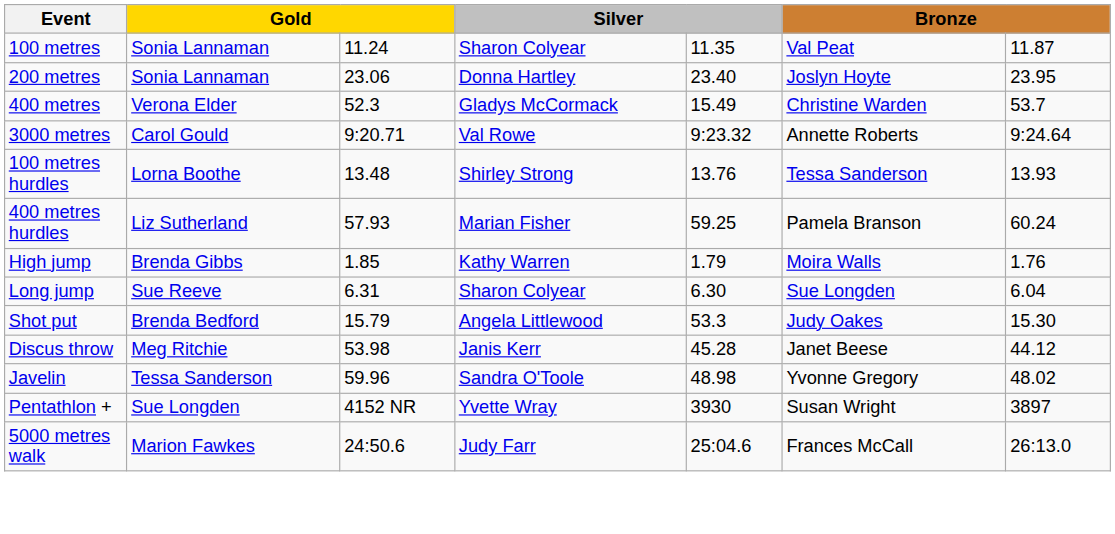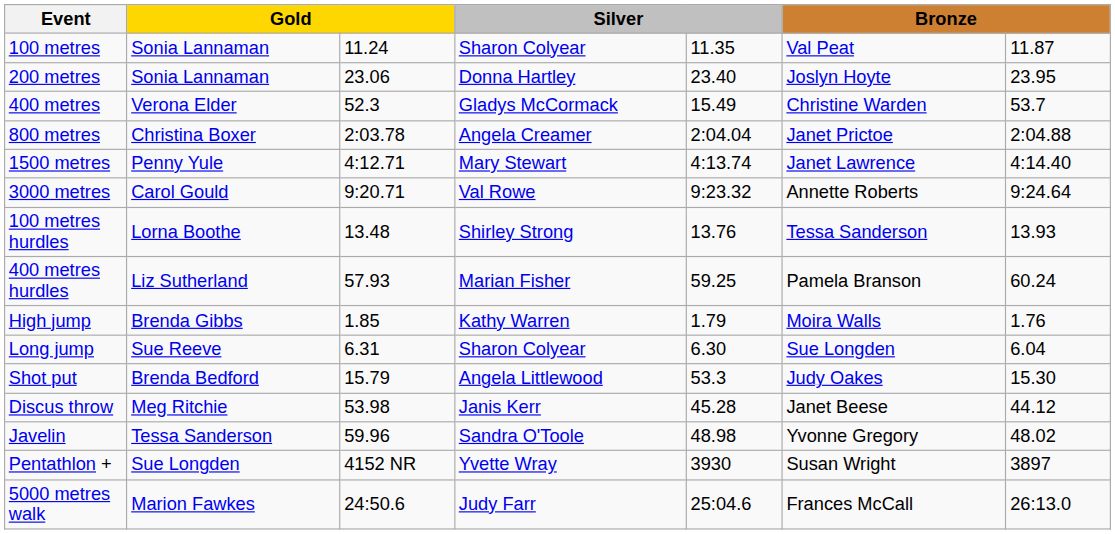 <table class="wikitable" style="text-align:left">
 <tr>
 <th width=100>Event</th>
 <th colspan="2" width="280" style="background:gold;">Gold</th>
 <th colspan="2" width="280" style="background:silver;">Silver</th>
 <th colspan="2" width="280" style="background:#CD7F32;">Bronze</th>
 </tr>
 <tr>
 <td><a href='#'>100 metres</a></td>
 <td><a href='#'>Sonia Lannaman</a></td>
 <td>11.24</td>
 <td><a href='#'>Sharon Colyear</a></td>
 <td>11.35</td>
 <td><a href='#'>Val Peat</a></td>
 <td>11.87</td>
 </tr>
 <tr>
 <td><a href='#'>200 metres</a></td>
 <td><a href='#'>Sonia Lannaman</a></td>
 <td>23.06</td>
 <td><a href='#'>Donna Hartley</a></td>
 <td>23.40</td>
 <td><a href='#'>Joslyn Hoyte</a></td>
 <td>23.95</td>
 </tr>
 <tr>
 <td><a href='#'>400 metres</a></td>
 <td><a href='#'>Verona Elder</a></td>
 <td>52.3</td>
 <td><a href='#'>Gladys McCormack</a></td>
 <td>15.49</td>
 <td><a href='#'>Christine Warden</a></td>
 <td>53.7</td>
+</tr>
+<tr>
+<td><a href='#'>800 metres</a></td>
+<td><a href='#'>Christina Boxer</a></td>
+<td>2:03.78</td>
+<td><a href='#'>Angela Creamer</a></td>
+<td>2:04.04</td>
+<td><a href='#'>Janet Prictoe</a></td>
+<td>2:04.88</td>
+</tr>
+<tr>
+<td><a href='#'>1500 metres</a></td>
+<td><a href='#'>Penny Yule</a></td>
+<td>4:12.71</td>
+<td><a href='#'>Mary Stewart</a></td>
+<td>4:13.74</td>
+<td><a href='#'>Janet Lawrence</a></td>
+<td>4:14.40</td>
 </tr>
 <tr>
 <td><a href='#'>3000 metres</a></td>
 <td><a href='#'>Carol Gould</a></td>
 <td>9:20.71</td>
 <td><a href='#'>Val Rowe</a></td>
 <td>9:23.32</td>
 <td>Annette Roberts</td>
 <td>9:24.64</td>
 </tr>
 <tr>
 <td><a href='#'>100 metres hurdles</a></td>
 <td><a href='#'>Lorna Boothe</a></td>
 <td>13.48</td>
 <td><a href='#'>Shirley Strong</a></td>
 <td>13.76</td>
 <td><a href='#'>Tessa Sanderson</a></td>
 <td>13.93</td>
 </tr>
 <tr>
 <td><a href='#'>400 metres hurdles</a></td>
 <td> <a href='#'>Liz Sutherland</a></td>
 <td>57.93</td>
 <td> <a href='#'>Marian Fisher</a></td>
 <td>59.25</td>
 <td>Pamela Branson</td>
 <td>60.24</td>
 </tr>
 <tr>
 <td><a href='#'>High jump</a></td>
 <td><a href='#'>Brenda Gibbs</a></td>
 <td>1.85</td>
 <td><a href='#'>Kathy Warren</a></td>
 <td>1.79</td>
 <td> <a href='#'>Moira Walls</a></td>
 <td>1.76</td>
 </tr>
 <tr>
 <td><a href='#'>Long jump</a></td>
 <td><a href='#'>Sue Reeve</a></td>
 <td>6.31</td>
 <td><a href='#'>Sharon Colyear</a></td>
 <td>6.30</td>
 <td><a href='#'>Sue Longden</a></td>
 <td>6.04</td>
 </tr>
 <tr>
 <td><a href='#'>Shot put</a></td>
 <td><a href='#'>Brenda Bedford</a></td>
 <td>15.79</td>
 <td><a href='#'>Angela Littlewood</a></td>
 <td>53.3</td>
 <td><a href='#'>Judy Oakes</a></td>
 <td>15.30</td>
 </tr>
 <tr>
 <td><a href='#'>Discus throw</a></td>
 <td> <a href='#'>Meg Ritchie</a></td>
 <td>53.98</td>
 <td><a href='#'>Janis Kerr</a></td>
 <td>45.28</td>
 <td>Janet Beese</td>
 <td>44.12</td>
 </tr>
 <tr>
 <td><a href='#'>Javelin</a></td>
 <td><a href='#'>Tessa Sanderson</a></td>
 <td>59.96</td>
 <td><a href='#'>Sandra O'Toole</a></td>
 <td>48.98</td>
 <td>Yvonne Gregory</td>
 <td>48.02</td>
 </tr>
 <tr>
 <td><a href='#'>Pentathlon</a> +</td>
 <td><a href='#'>Sue Longden</a></td>
 <td>4152 NR</td>
 <td><a href='#'>Yvette Wray</a></td>
 <td>3930</td>
 <td>Susan Wright</td>
 <td>3897</td>
 </tr>
 <tr>
 <td><a href='#'>5000 metres walk</a></td>
 <td><a href='#'>Marion Fawkes</a></td>
 <td>24:50.6</td>
 <td><a href='#'>Judy Farr</a></td>
 <td>25:04.6</td>
 <td>Frances McCall</td>
 <td>26:13.0</td>
 </tr>
 </table>
